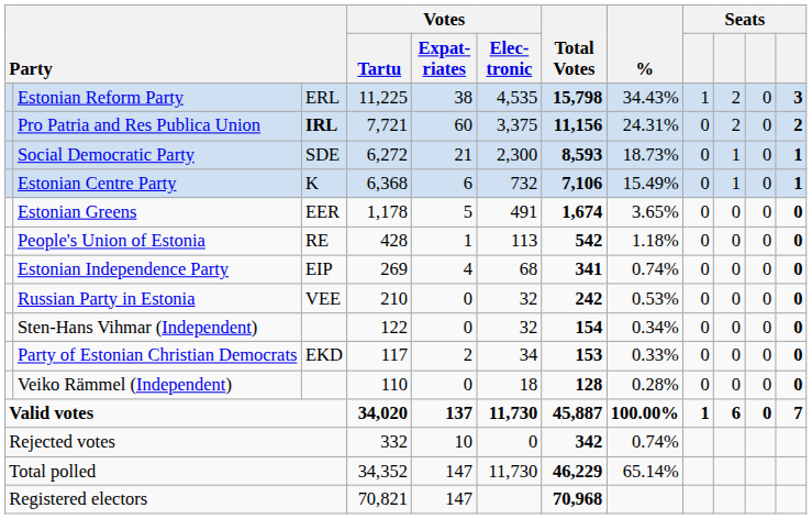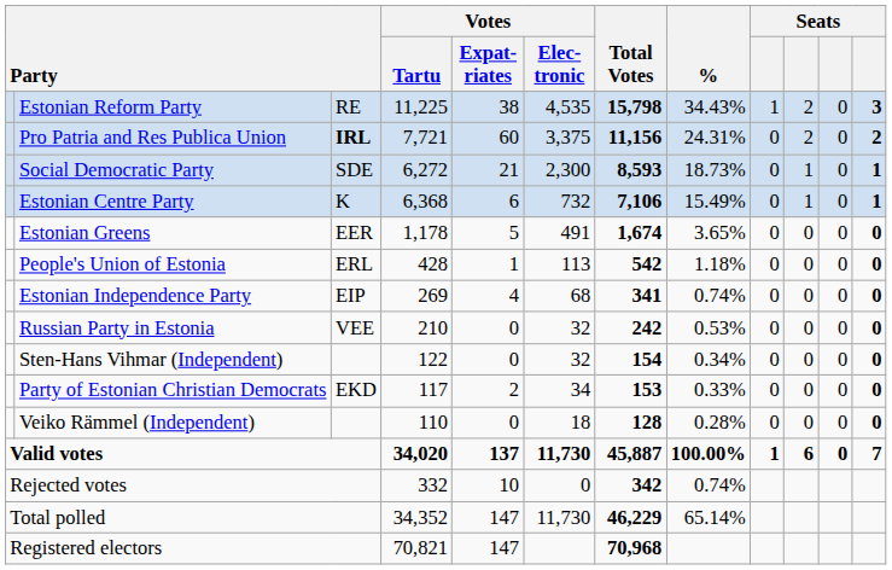 <table class="wikitable" border="1" style="text-align:right;">
 <tr>
 <th style="text-align:left;" valign=bottom rowspan=2 colspan=3>Party</th>
 <th colspan=3>Votes</th>
 <th align=center valign=bottom rowspan=2 width="50">Total Votes</th>
 <th align=center valign=bottom rowspan=2 width="50">%</th>
 <th colspan=4>Seats</th>
 </tr>
 <tr>
 <th align=center valign=bottom width="50"><a href='#'>Tartu</a></th>
 <th align=center valign=bottom width="50"><a href='#'>Expat- riates</a></th>
 <th align=center valign=bottom width="50"><a href='#'>Elec- tronic</a></th>
 <th align=center valign=bottom width="20"><small></small></th>
 <th align=center valign=bottom width="20"><small></small></th>
 <th align=center valign=bottom width="20"><small></small></th>
 <th align=center valign=bottom width="20"><small></small></th>
 </tr>
 <tr style="background:#CEE0F2;">
 <td style="background:"></td>
 <td align=left><a href='#'>Estonian Reform Party</a></td>
-<td align=left>ERL</td>
+<td align=left>RE</td>
 <td>11,225</td>
 <td>38</td>
 <td>4,535</td>
 <td><strong>15,798</strong></td>
 <td>34.43%</td>
 <td>1</td>
 <td>2</td>
 <td>0</td>
 <td><strong>3</strong></td>
 </tr>
 <tr style="background:#CEE0F2;">
 <td style="background:"></td>
 <td align=left><a href='#'>Pro Patria and Res Publica Union</a></td>
 <td align=left><strong>IRL</strong></td>
 <td>7,721</td>
 <td>60</td>
 <td>3,375</td>
 <td><strong>11,156</strong></td>
 <td>24.31%</td>
 <td>0</td>
 <td>2</td>
 <td>0</td>
 <td><strong>2</strong></td>
 </tr>
 <tr style="background:#CEE0F2;">
 <td style="background:"></td>
 <td align=left><a href='#'>Social Democratic Party</a></td>
 <td align=left>SDE</td>
 <td>6,272</td>
 <td>21</td>
 <td>2,300</td>
 <td><strong>8,593</strong></td>
 <td>18.73%</td>
 <td>0</td>
 <td>1</td>
 <td>0</td>
 <td><strong>1</strong></td>
 </tr>
 <tr style="background:#CEE0F2;">
 <td style="background:"></td>
 <td align=left><a href='#'>Estonian Centre Party</a></td>
 <td align=left>K</td>
 <td>6,368</td>
 <td>6</td>
 <td>732</td>
 <td><strong>7,106</strong></td>
 <td>15.49%</td>
 <td>0</td>
 <td>1</td>
 <td>0</td>
 <td><strong>1</strong></td>
 </tr>
 <tr>
 <td style="background:"></td>
 <td align=left><a href='#'>Estonian Greens</a></td>
 <td align=left>EER</td>
 <td>1,178</td>
 <td>5</td>
 <td>491</td>
 <td><strong>1,674</strong></td>
 <td>3.65%</td>
 <td>0</td>
 <td>0</td>
 <td>0</td>
 <td><strong>0</strong></td>
 </tr>
 <tr>
 <td style="background:"></td>
 <td align=left><a href='#'>People's Union of Estonia</a></td>
-<td align=left>RE</td>
+<td align=left>ERL</td>
 <td>428</td>
 <td>1</td>
 <td>113</td>
 <td><strong>542</strong></td>
 <td>1.18%</td>
 <td>0</td>
 <td>0</td>
 <td>0</td>
 <td><strong>0</strong></td>
 </tr>
 <tr>
 <td style="background:"></td>
 <td align=left><a href='#'>Estonian Independence Party</a></td>
 <td align=left>EIP</td>
 <td>269</td>
 <td>4</td>
 <td>68</td>
 <td><strong>341</strong></td>
 <td>0.74%</td>
 <td>0</td>
 <td>0</td>
 <td>0</td>
 <td><strong>0</strong></td>
 </tr>
 <tr>
 <td></td>
 <td align=left><a href='#'>Russian Party in Estonia</a></td>
 <td align=left>VEE</td>
 <td>210</td>
 <td>0</td>
 <td>32</td>
 <td><strong>242</strong></td>
 <td>0.53%</td>
 <td>0</td>
 <td>0</td>
 <td>0</td>
 <td><strong>0</strong></td>
 </tr>
 <tr>
 <td style="background:"></td>
 <td align=left>Sten-Hans Vihmar (<a href='#'>Independent</a>)</td>
 <td></td>
 <td>122</td>
 <td>0</td>
 <td>32</td>
 <td><strong>154</strong></td>
 <td>0.34%</td>
 <td>0</td>
 <td>0</td>
 <td>0</td>
 <td><strong>0</strong></td>
 </tr>
 <tr>
 <td style="background:"></td>
 <td align=left><a href='#'>Party of Estonian Christian Democrats</a></td>
 <td align=left>EKD</td>
 <td>117</td>
 <td>2</td>
 <td>34</td>
 <td><strong>153</strong></td>
 <td>0.33%</td>
 <td>0</td>
 <td>0</td>
 <td>0</td>
 <td><strong>0</strong></td>
 </tr>
 <tr>
 <td style="background:"></td>
 <td align=left>Veiko Rämmel (<a href='#'>Independent</a>)</td>
 <td></td>
 <td>110</td>
 <td>0</td>
 <td>18</td>
 <td><strong>128</strong></td>
 <td>0.28%</td>
 <td>0</td>
 <td>0</td>
 <td>0</td>
 <td><strong>0</strong></td>
 </tr>
 <tr style="font-weight:bold">
 <td align=left colspan=3>Valid votes</td>
 <td>34,020</td>
 <td>137</td>
 <td>11,730</td>
 <td>45,887</td>
 <td>100.00%</td>
 <td>1</td>
 <td>6</td>
 <td>0</td>
 <td>7</td>
 </tr>
 <tr>
 <td align=left colspan=3>Rejected votes</td>
 <td>332</td>
 <td>10</td>
 <td>0</td>
 <td><strong>342</strong></td>
 <td>0.74%</td>
 <td></td>
 <td></td>
 <td></td>
 <td></td>
 </tr>
 <tr>
 <td align=left colspan=3>Total polled</td>
 <td>34,352</td>
 <td>147</td>
 <td>11,730</td>
 <td><strong>46,229</strong></td>
 <td>65.14%</td>
 <td></td>
 <td></td>
 <td></td>
 <td></td>
 </tr>
 <tr>
 <td align=left colspan=3>Registered electors</td>
 <td>70,821</td>
 <td>147</td>
 <td></td>
 <td><strong>70,968</strong></td>
 <td></td>
 <td></td>
 <td></td>
 <td></td>
 <td></td>
 </tr>
 </table>
